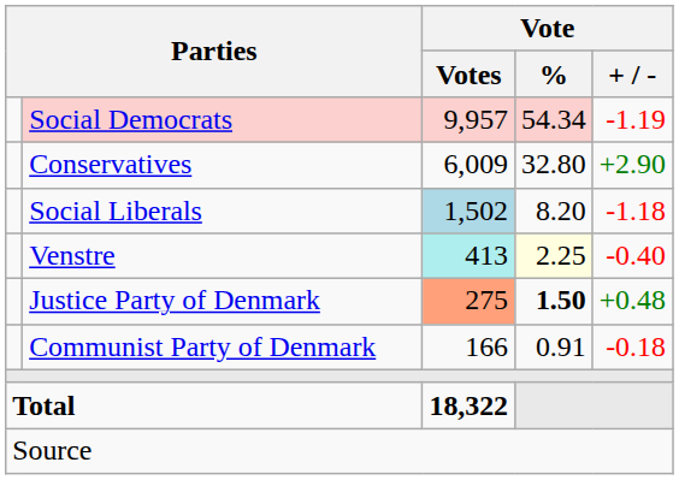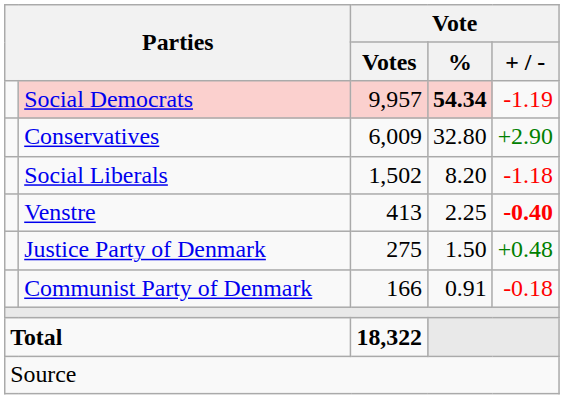 <table class="wikitable" style="text-align:right;">
 <tr>
 <th style="text-align:centre;" rowspan="2" colspan="2" width="225">Parties</th>
 <th colspan="3">Vote</th>
 </tr>
 <tr>
 <th width="15">Votes</th>
 <th width="15">%</th>
 <th width="15">+ / -</th>
 </tr>
 <tr>
 <td width="2" style="color:inherit;background:"></td>
 <td bgcolor=#fbd0ce  align="left"><a href='#'>Social Democrats</a></td>
 <td bgcolor=#fbd0ce>9,957</td>
-<td bgcolor=#fbd0ce>54.34</td>
+<td bgcolor=#fbd0ce><strong>54.34</strong></td>
 <td style=color:red;>-1.19</td>
 </tr>
 <tr>
 <td width="2" style="color:inherit;background:"></td>
 <td align="left"><a href='#'>Conservatives</a></td>
 <td>6,009</td>
 <td>32.80</td>
 <td style=color:green;>+2.90</td>
 </tr>
 <tr>
 <td width="2" style="color:inherit;background:"></td>
 <td align="left"><a href='#'>Social Liberals</a></td>
-<td style="background: lightblue;">1,502</td>
+<td>1,502</td>
 <td>8.20</td>
 <td style=color:red;>-1.18</td>
 </tr>
 <tr>
 <td width="2" style="color:inherit;background:"></td>
 <td align="left"><a href='#'>Venstre</a></td>
-<td style="background: paleturquoise;">413</td>
-<td style="background: lightyellow;">2.25</td>
-<td style=color:red;>-0.40</td>
+<td>413</td>
+<td>2.25</td>
+<td style=color:red;><strong>-0.40</strong></td>
 </tr>
 <tr>
 <td width="2" style="color:inherit;background:"></td>
 <td align="left"><a href='#'>Justice Party of Denmark</a></td>
-<td style="background: lightsalmon;">275</td>
-<td><strong>1.50</strong></td>
+<td>275</td>
+<td>1.50</td>
 <td style=color:green;>+0.48</td>
 </tr>
 <tr>
 <td width="2" style="color:inherit;background:"></td>
 <td align="left"><a href='#'>Communist Party of Denmark</a></td>
 <td>166</td>
 <td>0.91</td>
 <td style=color:red;>-0.18</td>
 </tr>
 <tr>
 <td colspan="7" bgcolor="#E9E9E9"></td>
 </tr>
 <tr>
 <td align="left" colspan="2"><strong>Total</strong></td>
 <td><strong>18,322</strong></td>
 <td bgcolor="#E9E9E9" colspan="2"></td>
 </tr>
 <tr>
 <td align="left" colspan="6">Source</td>
 </tr>
 </table>
